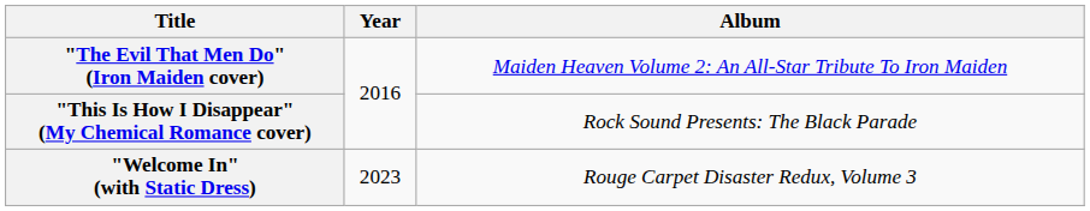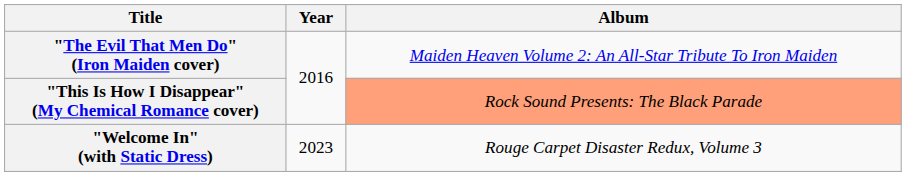 <table class="wikitable plainrowheaders" style="text-align:center;">
 <tr>
 <th scope="col" style="width:16em;">Title</th>
 <th scope="col" style="width:3em;">Year</th>
 <th scope="col" style="width:32em;">Album</th>
 </tr>
 <tr>
 <th scope="row">"<a href='#'>The Evil That Men Do</a>"<br>(<a href='#'>Iron Maiden</a> cover)</th>
 <td rowspan="2">2016</td>
 <td><em><a href='#'>Maiden Heaven Volume 2: An All-Star Tribute To Iron Maiden</a></em></td>
 </tr>
 <tr>
 <th scope="row">"This Is How I Disappear"<br>(<a href='#'>My Chemical Romance</a> cover)</th>
-<td><em>Rock Sound Presents: The Black Parade</em></td>
+<td style="background: lightsalmon;"><em>Rock Sound Presents: The Black Parade</em></td>
 </tr>
 <tr>
 <th scope="row">"Welcome In"<br>(with <a href='#'>Static Dress</a>)</th>
 <td>2023</td>
 <td><em>Rouge Carpet Disaster Redux, Volume 3</em></td>
 </tr>
 </table>
